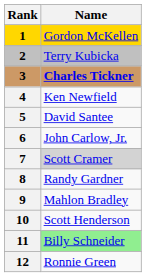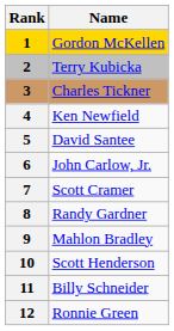 <table class="wikitable">
 <tr>
 <th>Rank</th>
 <th>Name</th>
 </tr>
 <tr bgcolor="gold">
 <td align="center"><strong>1</strong></td>
 <td><a href='#'>Gordon McKellen</a></td>
 </tr>
 <tr bgcolor="silver">
 <td align="center"><strong>2</strong></td>
 <td><a href='#'>Terry Kubicka</a></td>
 </tr>
 <tr bgcolor="cc9966">
 <td align="center"><strong>3</strong></td>
-<td><strong><a href='#'>Charles Tickner</a></strong></td>
+<td><a href='#'>Charles Tickner</a></td>
 </tr>
 <tr>
 <th>4</th>
 <td><a href='#'>Ken Newfield</a></td>
 </tr>
 <tr>
 <th>5</th>
 <td><a href='#'>David Santee</a></td>
 </tr>
 <tr>
 <th>6</th>
 <td><a href='#'>John Carlow, Jr.</a></td>
 </tr>
 <tr>
 <th>7</th>
-<td style="background: lightgrey;"><a href='#'>Scott Cramer</a></td>
+<td><a href='#'>Scott Cramer</a></td>
 </tr>
 <tr>
 <th>8</th>
 <td><a href='#'>Randy Gardner</a></td>
 </tr>
 <tr>
 <th>9</th>
 <td><a href='#'>Mahlon Bradley</a></td>
 </tr>
 <tr>
 <th>10</th>
 <td><a href='#'>Scott Henderson</a></td>
 </tr>
 <tr>
 <th>11</th>
-<td style="background: lightgreen;"><a href='#'>Billy Schneider</a></td>
+<td><a href='#'>Billy Schneider</a></td>
 </tr>
 <tr>
 <th>12</th>
 <td><a href='#'>Ronnie Green</a></td>
 </tr>
 </table>
